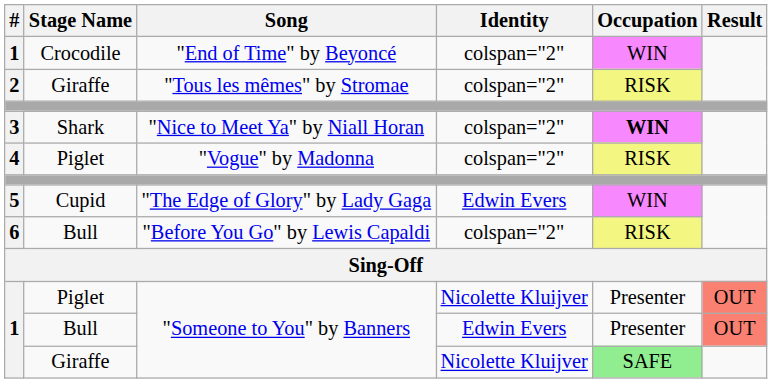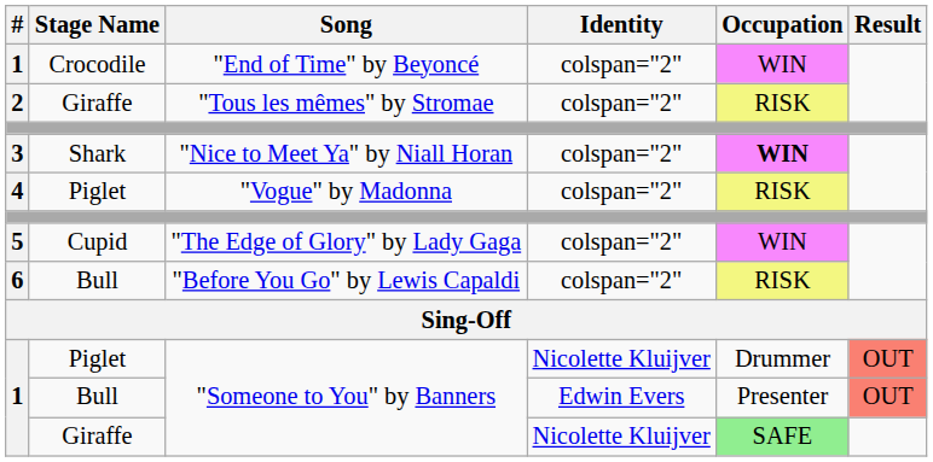 <table class="wikitable plainrowheaders" style="text-align: center;">
 <tr>
 <th><strong>#</strong></th>
 <th><strong>Stage Name</strong></th>
 <th><strong>Song</strong></th>
 <th>Identity</th>
 <th><strong>Occupation</strong></th>
 <th>Result</th>
 </tr>
 <tr>
 <th>1</th>
 <td>Crocodile</td>
 <td>"<a href='#'>End of Time</a>" by <a href='#'>Beyoncé</a></td>
 <td>colspan="2" </td>
 <td bgcolor="F888FD">WIN</td>
 </tr>
 <tr>
 <th>2</th>
 <td>Giraffe</td>
 <td>"<a href='#'>Tous les mêmes</a>" by <a href='#'>Stromae</a></td>
 <td>colspan="2" </td>
 <td bgcolor="#F3F781">RISK</td>
 </tr>
 <tr>
 <th colspan="6" style="background:darkgrey"></th>
 </tr>
 <tr>
 <th>3</th>
 <td>Shark</td>
 <td>"<a href='#'>Nice to Meet Ya</a>" by <a href='#'>Niall Horan</a></td>
 <td>colspan="2" </td>
 <td bgcolor="F888FD"><strong>WIN</strong></td>
 </tr>
 <tr>
 <th>4</th>
 <td>Piglet</td>
 <td>"<a href='#'>Vogue</a>" by <a href='#'>Madonna</a></td>
 <td>colspan="2" </td>
 <td bgcolor="#F3F781">RISK</td>
 </tr>
 <tr>
 <th colspan="6" style="background:darkgrey"></th>
 </tr>
 <tr>
 <th>5</th>
 <td>Cupid</td>
 <td>"<a href='#'>The Edge of Glory</a>" by <a href='#'>Lady Gaga</a></td>
-<td><a href='#'>Edwin Evers</a></td>
+<td>colspan="2" </td>
 <td bgcolor="F888FD">WIN</td>
 </tr>
 <tr>
 <th>6</th>
 <td>Bull</td>
 <td>"<a href='#'>Before You Go</a>" by <a href='#'>Lewis Capaldi</a></td>
 <td>colspan="2" </td>
 <td bgcolor="#F3F781">RISK</td>
 </tr>
 <tr>
 <th colspan="6">Sing-Off</th>
 </tr>
 <tr>
 <th rowspan="3">1</th>
 <td>Piglet</td>
 <td rowspan="3">"<a href='#'>Someone to You</a>" by <a href='#'>Banners</a></td>
 <td><a href='#'>Nicolette Kluijver</a></td>
-<td>Presenter</td>
+<td>Drummer</td>
 <td bgcolor="salmon">OUT</td>
 </tr>
 <tr>
 <td>Bull</td>
 <td><a href='#'>Edwin Evers</a></td>
 <td>Presenter</td>
 <td bgcolor="salmon">OUT</td>
 </tr>
 <tr>
 <td>Giraffe</td>
 <td><a href='#'>Nicolette Kluijver</a></td>
 <td bgcolor="lightgreen">SAFE</td>
 </tr>
 </table>
